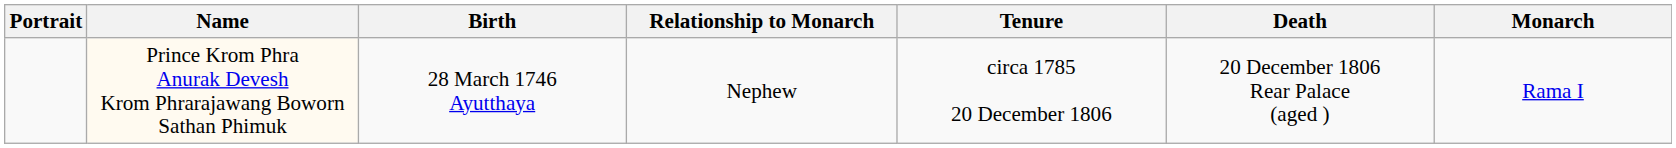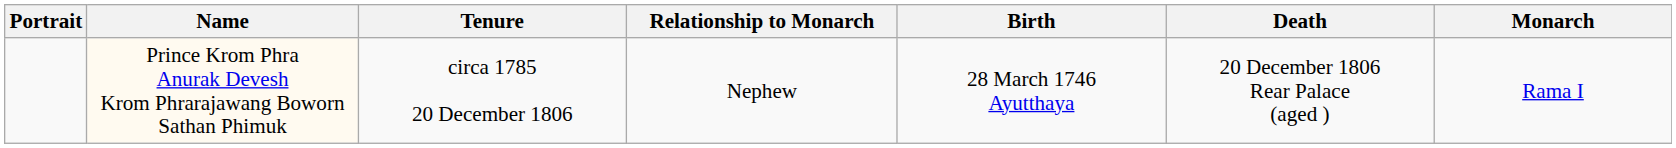 <table style="text-align:center; width:100%" class="wikitable">
 <tr>
 <th width="80">Portrait</th>
 <th width=17%>Name</th>
+<th width=17%>Tenure</th>
+<th width=17%>Relationship to Monarch</th>
 <th width=17%>Birth</th>
-<th width=17%>Relationship to Monarch</th>
-<th width=17%>Tenure</th>
 <th width=17%>Death</th>
 <th width=17%>Monarch</th>
 </tr>
 <tr>
 <td></td>
 <td style="background:#fffaf0;">Prince Krom Phra<br><a href='#'>Anurak Devesh</a><br>Krom Phrarajawang Boworn Sathan Phimuk</td>
+<td>circa 1785<br><br>20 December 1806</td>
+<td>Nephew</td>
 <td>28 March 1746<br><a href='#'>Ayutthaya</a></td>
-<td>Nephew</td>
-<td>circa 1785<br><br>20 December 1806</td>
 <td>20 December 1806<br>Rear Palace<br>(aged )</td>
 <td><a href='#'>Rama I</a></td>
 </tr>
 </table>
